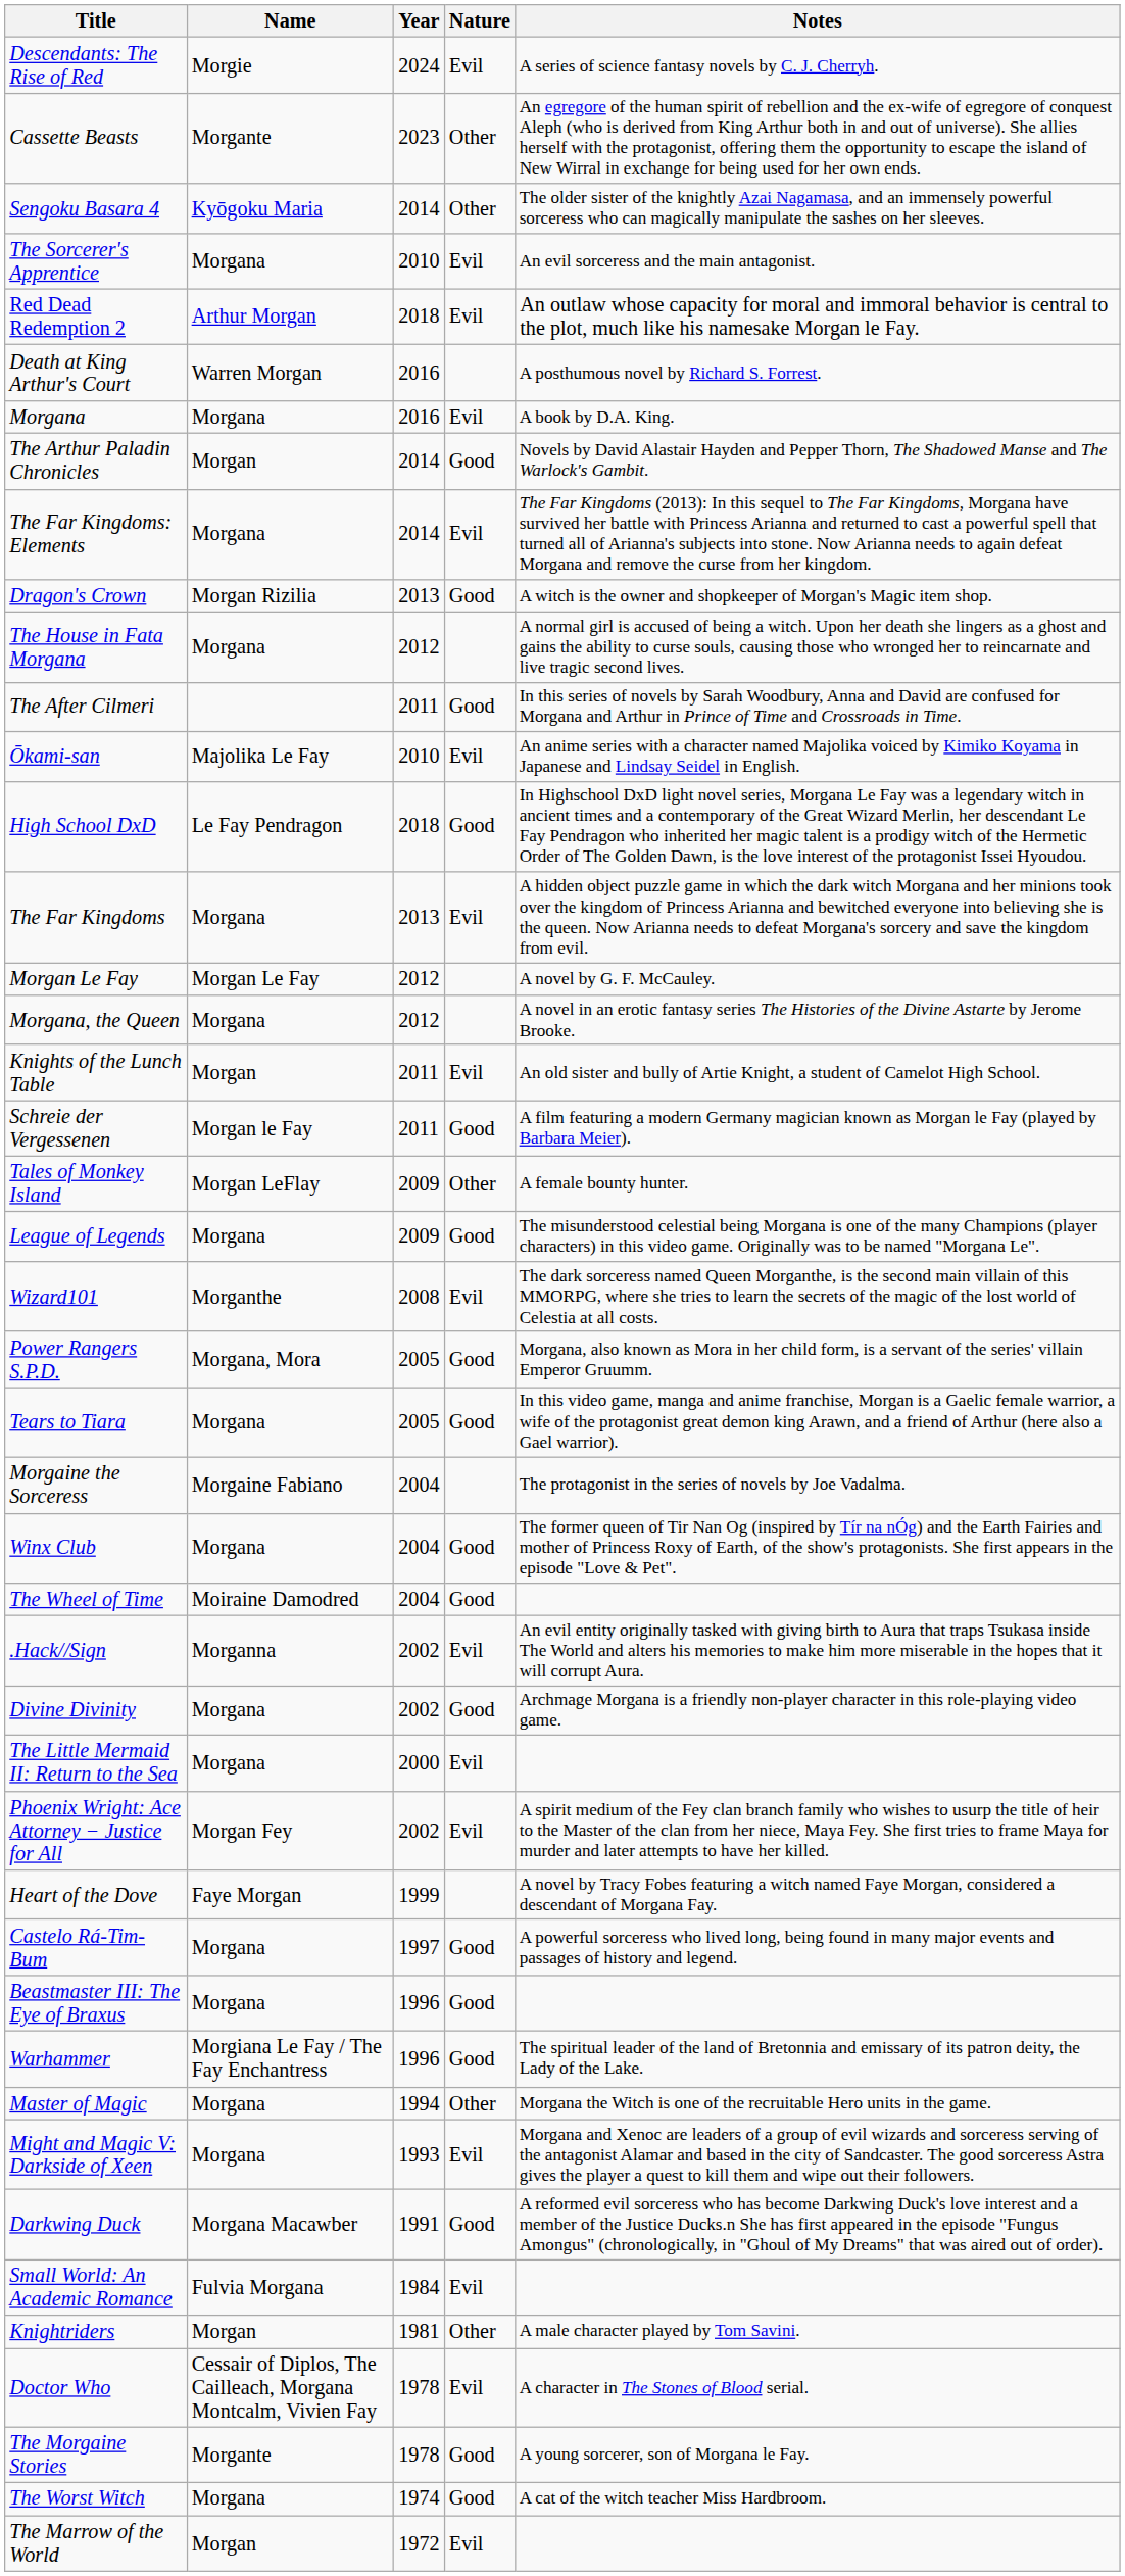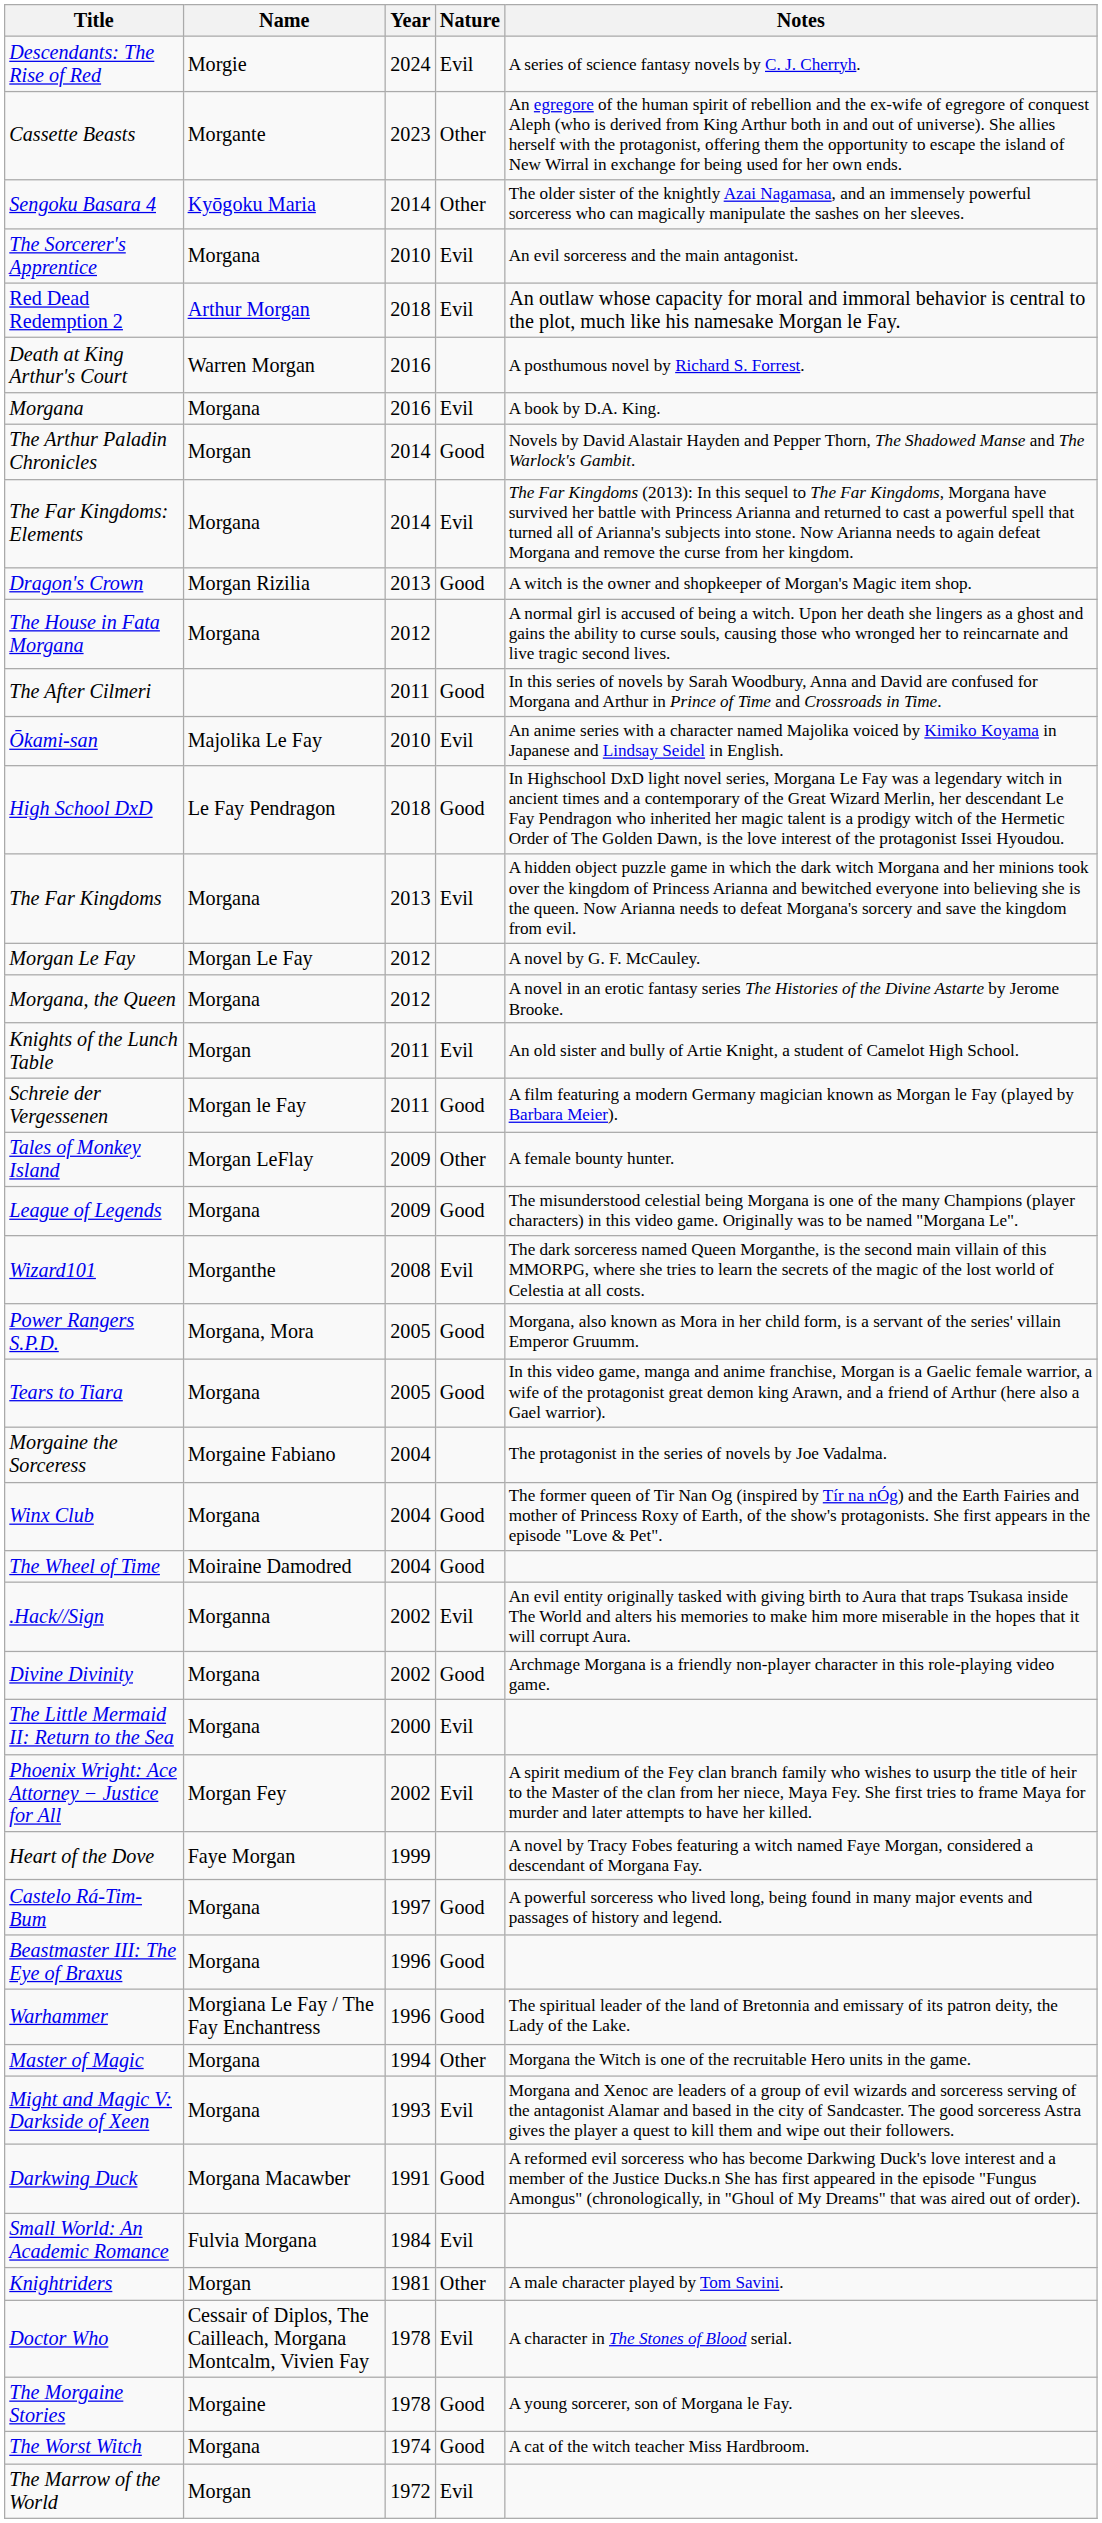 <table class="wikitable sortable">
 <tr>
 <th>Title</th>
 <th>Name</th>
 <th>Year</th>
 <th>Nature</th>
 <th>Notes</th>
 </tr>
 <tr>
 <td><em><a href='#'>Descendants: The Rise of Red</a></em></td>
 <td>Morgie</td>
 <td>2024</td>
 <td>Evil</td>
 <td style="font-size: 85%;">A series of science fantasy novels by <a href='#'>C. J. Cherryh</a>.</td>
 </tr>
 <tr>
 <td><em>Cassette Beasts</em></td>
 <td>Morgante</td>
 <td>2023</td>
 <td>Other</td>
 <td style="font-size: 85%;">An <a href='#'>egregore</a> of the human spirit of rebellion and the ex-wife of egregore of conquest Aleph (who is derived from King Arthur both in and out of universe). She allies herself with the protagonist, offering them the opportunity to escape the island of New Wirral in exchange for being used for her own ends.</td>
 </tr>
 <tr>
 <td><em><a href='#'>Sengoku Basara 4</a></em></td>
 <td><a href='#'>Kyōgoku Maria</a></td>
 <td>2014</td>
 <td>Other</td>
 <td style="font-size: 85%;">The older sister of the knightly <a href='#'>Azai Nagamasa</a>, and an immensely powerful sorceress who can magically manipulate the sashes on her sleeves.</td>
 </tr>
 <tr>
 <td><em><a href='#'>The Sorcerer's Apprentice</a></em></td>
 <td>Morgana</td>
 <td>2010</td>
 <td>Evil</td>
 <td style="font-size: 85%;">An evil sorceress and the main antagonist.</td>
 </tr>
 <tr>
 <td><a href='#'>Red Dead Redemption 2</a></td>
 <td><a href='#'>Arthur Morgan</a></td>
 <td>2018</td>
 <td>Evil</td>
 <td>An outlaw whose capacity for moral and immoral behavior is central to the plot, much like his namesake Morgan le Fay.</td>
 </tr>
 <tr>
 <td><em>Death at King Arthur's Court</em></td>
 <td>Warren Morgan</td>
 <td>2016</td>
 <td></td>
 <td style="font-size: 85%;">A posthumous novel by <a href='#'>Richard S. Forrest</a>.</td>
 </tr>
 <tr>
 <td><em>Morgana</em></td>
 <td>Morgana</td>
 <td>2016</td>
 <td>Evil</td>
 <td style="font-size: 85%;">A book by D.A. King.</td>
 </tr>
 <tr>
 <td><em>The Arthur Paladin Chronicles</em></td>
 <td>Morgan</td>
 <td>2014</td>
 <td>Good</td>
 <td style="font-size: 85%;">Novels by David Alastair Hayden and Pepper Thorn, <em>The Shadowed Manse</em> and <em>The Warlock's Gambit</em>.</td>
 </tr>
 <tr>
 <td><em>The Far Kingdoms: Elements</em></td>
 <td>Morgana</td>
 <td>2014</td>
 <td>Evil</td>
 <td style="font-size: 85%;"><em>The Far Kingdoms</em> (2013):  In this sequel to <em>The Far Kingdoms</em>, Morgana have survived her battle with Princess Arianna and returned to cast a powerful spell that turned all of Arianna's subjects into stone. Now Arianna needs to again defeat Morgana and remove the curse from her kingdom.</td>
 </tr>
 <tr>
 <td><em><a href='#'>Dragon's Crown</a></em></td>
 <td>Morgan Rizilia</td>
 <td>2013</td>
 <td>Good</td>
 <td style="font-size: 85%;">A witch is the owner and shopkeeper of Morgan's Magic item shop.</td>
 </tr>
 <tr>
 <td><em><a href='#'>The House in Fata Morgana</a></em></td>
 <td>Morgana</td>
 <td>2012</td>
 <td></td>
 <td style="font-size: 85%;">A normal girl is accused of being a witch. Upon her death she lingers as a ghost and gains the ability to curse souls, causing those who wronged her to reincarnate and live tragic second lives.</td>
 </tr>
 <tr>
 <td><em>The After Cilmeri</em></td>
 <td></td>
 <td>2011</td>
 <td>Good</td>
 <td style="font-size: 85%;">In this series of novels by Sarah Woodbury, Anna and David are confused for Morgana and Arthur in <em>Prince of Time</em> and <em>Crossroads in Time</em>.</td>
 </tr>
 <tr>
 <td><em><a href='#'>Ōkami-san</a></em></td>
 <td>Majolika Le Fay</td>
 <td>2010</td>
 <td>Evil</td>
 <td style="font-size: 85%;">An anime series with a character named Majolika voiced by <a href='#'>Kimiko Koyama</a> in Japanese and <a href='#'>Lindsay Seidel</a> in English.</td>
 </tr>
 <tr>
 <td><em><a href='#'>High School DxD</a></em></td>
 <td>Le Fay Pendragon</td>
 <td>2018</td>
 <td>Good</td>
 <td style="font-size: 85%;">In Highschool DxD light novel series, Morgana Le Fay was a legendary witch in ancient times and a contemporary of the Great Wizard Merlin, her descendant Le Fay Pendragon who inherited her magic talent is a prodigy witch of the Hermetic Order of The Golden Dawn, is the love interest of the protagonist Issei Hyoudou.</td>
 </tr>
 <tr>
 <td><em>The Far Kingdoms</em></td>
 <td>Morgana</td>
 <td>2013</td>
 <td>Evil</td>
 <td style="font-size: 85%;">A hidden object puzzle game in which the dark witch Morgana and her minions took over the kingdom of Princess Arianna and bewitched everyone into believing she is the queen. Now Arianna needs to defeat Morgana's sorcery and save the kingdom from evil.</td>
 </tr>
 <tr>
 <td><em>Morgan Le Fay</em></td>
 <td>Morgan Le Fay</td>
 <td>2012</td>
 <td></td>
 <td style="font-size: 85%;">A novel by G. F. McCauley.</td>
 </tr>
 <tr>
 <td><em>Morgana, the Queen</em></td>
 <td>Morgana</td>
 <td>2012</td>
 <td></td>
 <td style="font-size: 85%;">A novel in an erotic fantasy series <em>The Histories of the Divine Astarte</em> by Jerome Brooke.</td>
 </tr>
 <tr>
 <td><em>Knights of the Lunch Table</em></td>
 <td>Morgan</td>
 <td>2011</td>
 <td>Evil</td>
 <td style="font-size: 85%;">An old sister and bully of Artie Knight, a student of Camelot High School.</td>
 </tr>
 <tr>
 <td><em>Schreie der Vergessenen</em></td>
 <td>Morgan le Fay</td>
 <td>2011</td>
 <td>Good</td>
 <td style="font-size: 85%;">A film featuring a modern Germany magician known as Morgan le Fay (played by <a href='#'>Barbara Meier</a>).</td>
 </tr>
 <tr>
 <td><em><a href='#'>Tales of Monkey Island</a></em></td>
 <td>Morgan LeFlay</td>
 <td>2009</td>
 <td>Other</td>
 <td style="font-size: 85%;">A female bounty hunter.</td>
 </tr>
 <tr>
 <td><em><a href='#'>League of Legends</a></em></td>
 <td>Morgana</td>
 <td>2009</td>
 <td>Good</td>
 <td style="font-size: 85%;">The misunderstood celestial being Morgana is one of the many Champions (player characters) in this video game. Originally was to be named "Morgana Le".</td>
 </tr>
 <tr>
 <td><em><a href='#'>Wizard101</a></em></td>
 <td>Morganthe</td>
 <td>2008</td>
 <td>Evil</td>
 <td style="font-size: 85%;">The dark sorceress named Queen Morganthe, is the second main villain of this MMORPG, where she tries to learn the secrets of the magic of the lost world of Celestia at all costs.</td>
 </tr>
 <tr>
 <td><em><a href='#'>Power Rangers S.P.D.</a></em></td>
 <td>Morgana, Mora</td>
 <td>2005</td>
 <td>Good</td>
 <td style="font-size: 85%;">Morgana, also known as Mora in her child form, is a servant of the series' villain Emperor Gruumm.</td>
 </tr>
 <tr>
 <td><em><a href='#'>Tears to Tiara</a></em></td>
 <td>Morgana</td>
 <td>2005</td>
 <td>Good</td>
 <td style="font-size: 85%;">In this video game, manga and anime franchise, Morgan is a Gaelic female warrior, a wife of the protagonist great demon king Arawn, and a friend of Arthur (here also a Gael warrior).</td>
 </tr>
 <tr>
 <td><em>Morgaine the Sorceress</em></td>
 <td>Morgaine Fabiano</td>
 <td>2004</td>
 <td></td>
 <td style="font-size: 85%;">The protagonist in the series of novels by Joe Vadalma.</td>
 </tr>
 <tr>
 <td><em><a href='#'>Winx Club</a></em></td>
 <td>Morgana</td>
 <td>2004</td>
 <td>Good</td>
 <td style="font-size: 85%;">The former queen of Tir Nan Og (inspired by <a href='#'>Tír na nÓg</a>) and the Earth Fairies and mother of Princess Roxy of Earth, of the show's protagonists. She first appears in the episode "Love & Pet".</td>
 </tr>
 <tr>
 <td><em><a href='#'>The Wheel of Time</a></em></td>
 <td>Moiraine Damodred</td>
 <td>2004</td>
 <td>Good</td>
 <td style="font-size: 85%;"></td>
 </tr>
 <tr>
 <td><em><a href='#'>.Hack//Sign</a></em></td>
 <td>Morganna</td>
 <td>2002</td>
 <td>Evil</td>
 <td style="font-size: 85%;">An evil entity originally tasked with giving birth to Aura that traps Tsukasa inside The World and alters his memories to make him more miserable in the hopes that it will corrupt Aura.</td>
 </tr>
 <tr>
 <td><em><a href='#'>Divine Divinity</a></em></td>
 <td>Morgana</td>
 <td>2002</td>
 <td>Good</td>
 <td style="font-size: 85%;">Archmage Morgana is a friendly non-player character in this role-playing video game.</td>
 </tr>
 <tr>
 <td><em><a href='#'>The Little Mermaid II: Return to the Sea</a></em></td>
 <td>Morgana</td>
 <td>2000</td>
 <td>Evil</td>
 <td style="font-size: 85%;"></td>
 </tr>
 <tr>
 <td><em><a href='#'>Phoenix Wright: Ace Attorney − Justice for All</a></em></td>
 <td>Morgan Fey</td>
 <td>2002</td>
 <td>Evil</td>
 <td style="font-size: 85%;">A spirit medium of the Fey clan branch family who wishes to usurp the title of heir to the Master of the clan from her niece, Maya Fey. She first tries to frame Maya for murder and later attempts to have her killed.</td>
 </tr>
 <tr>
 <td><em>Heart of the Dove</em></td>
 <td>Faye Morgan</td>
 <td>1999</td>
 <td></td>
 <td style="font-size: 85%;">A novel by Tracy Fobes featuring a witch named Faye Morgan, considered a descendant of Morgana Fay.</td>
 </tr>
 <tr>
 <td><em><a href='#'>Castelo Rá-Tim-Bum</a></em></td>
 <td>Morgana</td>
 <td>1997</td>
 <td>Good</td>
 <td style="font-size: 85%;">A powerful sorceress who lived long, being found in many major events and passages of history and legend.</td>
 </tr>
 <tr>
 <td><em><a href='#'>Beastmaster III: The Eye of Braxus</a></em></td>
 <td>Morgana</td>
 <td>1996</td>
 <td>Good</td>
 <td style="font-size: 85%;"></td>
 </tr>
 <tr>
 <td><em><a href='#'>Warhammer</a></em></td>
 <td>Morgiana Le Fay / The Fay Enchantress</td>
 <td>1996</td>
 <td>Good</td>
 <td style="font-size: 85%;">The spiritual leader of the land of Bretonnia and emissary of its patron deity, the Lady of the Lake.</td>
 </tr>
 <tr>
 <td><em><a href='#'>Master of Magic</a></em></td>
 <td>Morgana</td>
 <td>1994</td>
 <td>Other</td>
 <td style="font-size: 85%;">Morgana the Witch is one of the recruitable Hero units in the game.</td>
 </tr>
 <tr>
 <td><em><a href='#'>Might and Magic V: Darkside of Xeen</a></em></td>
 <td>Morgana</td>
 <td>1993</td>
 <td>Evil</td>
 <td style="font-size: 85%;">Morgana and Xenoc are leaders of a group of evil wizards and sorceress serving of the antagonist Alamar and based in the city of Sandcaster. The good sorceress Astra gives the player a quest to kill them and wipe out their followers.</td>
 </tr>
 <tr>
 <td><em><a href='#'>Darkwing Duck</a></em></td>
 <td>Morgana Macawber</td>
 <td>1991</td>
 <td>Good</td>
 <td style="font-size: 85%;">A reformed evil sorceress who has become Darkwing Duck's love interest and a member of the Justice Ducks.n She has first appeared in the episode "Fungus Amongus" (chronologically, in "Ghoul of My Dreams" that was aired out of order).</td>
 </tr>
 <tr>
 <td><em><a href='#'>Small World: An Academic Romance</a></em></td>
 <td>Fulvia Morgana</td>
 <td>1984</td>
 <td>Evil</td>
 <td style="font-size: 85%;"></td>
 </tr>
 <tr>
 <td><em><a href='#'>Knightriders</a></em></td>
 <td>Morgan</td>
 <td>1981</td>
 <td>Other</td>
 <td style="font-size: 85%;">A male character played by <a href='#'>Tom Savini</a>.</td>
 </tr>
 <tr>
 <td><em><a href='#'>Doctor Who</a></em></td>
 <td>Cessair of Diplos, The Cailleach, Morgana Montcalm, Vivien Fay</td>
 <td>1978</td>
 <td>Evil</td>
 <td style="font-size: 85%;">A character in <em><a href='#'>The Stones of Blood</a></em> serial.</td>
 </tr>
 <tr>
 <td><em><a href='#'>The Morgaine Stories</a></em></td>
-<td>Morgante</td>
+<td>Morgaine</td>
 <td>1978</td>
 <td>Good</td>
 <td style="font-size: 85%;">A young sorcerer, son of Morgana le Fay.</td>
 </tr>
 <tr>
 <td><em><a href='#'>The Worst Witch</a></em></td>
 <td>Morgana</td>
 <td>1974</td>
 <td>Good</td>
 <td style="font-size: 85%;">A cat of the witch teacher Miss Hardbroom.</td>
 </tr>
 <tr>
 <td><em>The Marrow of the World</em></td>
 <td>Morgan</td>
 <td>1972</td>
 <td>Evil</td>
 <td style="font-size: 85%;"></td>
 </tr>
 </table>
